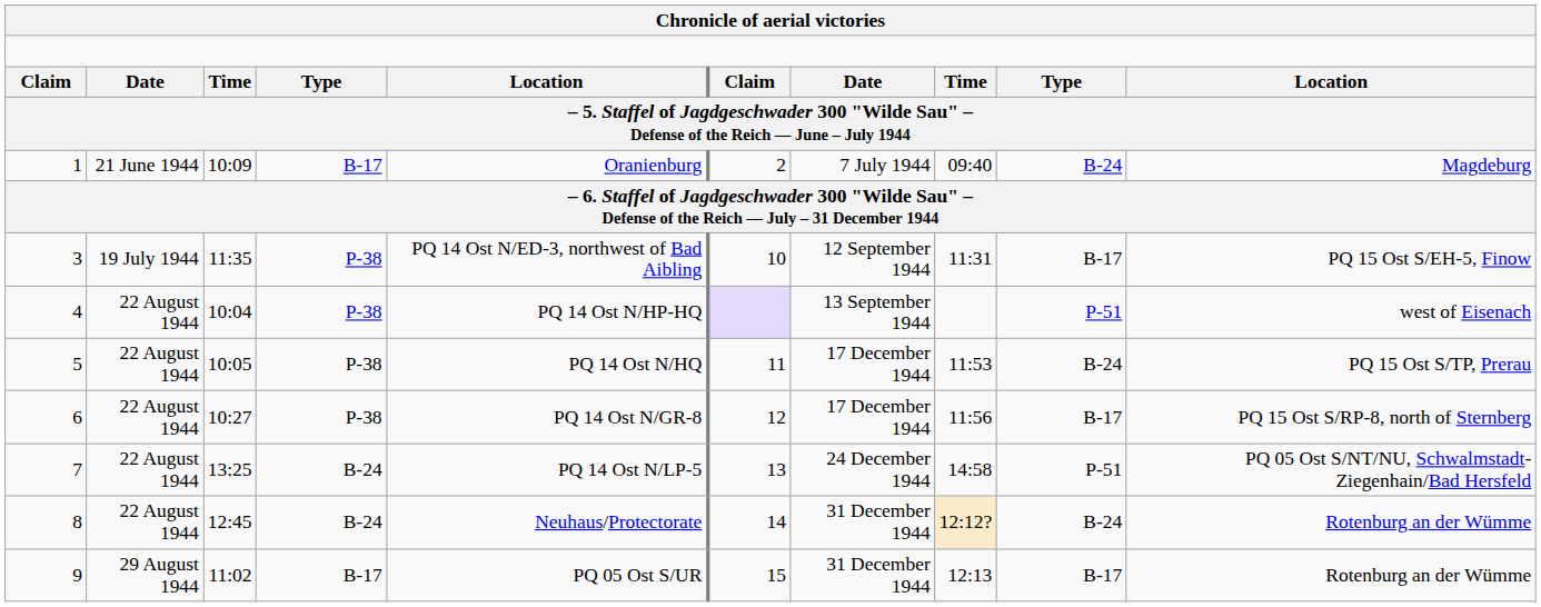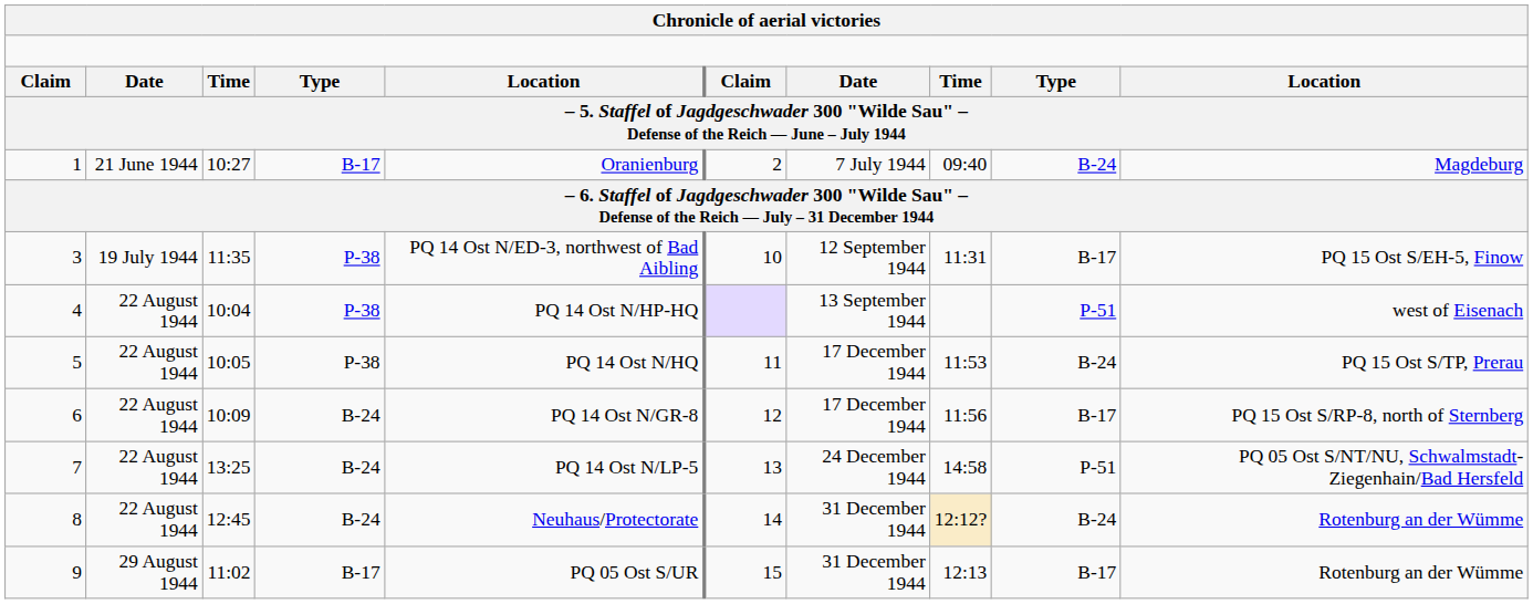 <table class="wikitable plainrowheaders collapsible" style="margin-left: auto; margin-right: auto; border: none; text-align:right; width: 100%;">
 <tr>
 <th colspan="10">Chronicle of aerial victories</th>
 </tr>
 <tr>
 <td colspan="10" style="text-align: left;"><br> </td>
 </tr>
 <tr>
 <th scope="col" width="60px">Claim</th>
 <th scope="col">Date</th>
 <th scope="col">Time</th>
 <th scope="col" width="100px">Type</th>
 <th scope="col">Location</th>
 <th scope="col" style="border-left: 3px solid grey;" width="60px">Claim</th>
 <th scope="col">Date</th>
 <th scope="col">Time</th>
 <th scope="col" width="100px">Type</th>
 <th scope="col">Location</th>
 </tr>
 <tr>
 <th colspan="10">– 5. <em>Staffel</em> of <em>Jagdgeschwader</em> 300 "Wilde Sau" –<br><small>Defense of the Reich — June – July 1944</small></th>
 </tr>
 <tr>
 <td>1</td>
 <td>21 June 1944</td>
-<td>10:09</td>
+<td>10:27</td>
 <td><a href='#'>B-17</a></td>
 <td><a href='#'>Oranienburg</a></td>
 <td style="border-left: 3px solid grey;">2</td>
 <td>7 July 1944</td>
 <td>09:40</td>
 <td><a href='#'>B-24</a></td>
 <td><a href='#'>Magdeburg</a></td>
 </tr>
 <tr>
 <th colspan="10">– 6. <em>Staffel</em> of <em>Jagdgeschwader</em> 300 "Wilde Sau" –<br><small>Defense of the Reich — July – 31 December 1944</small></th>
 </tr>
 <tr>
 <td>3</td>
 <td>19 July 1944</td>
 <td>11:35</td>
 <td><a href='#'>P-38</a></td>
 <td>PQ 14 Ost N/ED-3,  northwest of <a href='#'>Bad Aibling</a></td>
 <td style="border-left: 3px solid grey;">10</td>
 <td>12 September 1944</td>
 <td>11:31</td>
 <td>B-17</td>
 <td>PQ 15 Ost S/EH-5, <a href='#'>Finow</a></td>
 </tr>
 <tr>
 <td>4</td>
 <td>22 August 1944</td>
 <td>10:04</td>
 <td><a href='#'>P-38</a></td>
 <td>PQ 14 Ost N/HP-HQ</td>
 <td style="border-left: 3px solid grey; background:#e3d9ff;"></td>
 <td>13 September 1944</td>
 <td></td>
 <td><a href='#'>P-51</a></td>
 <td>west of <a href='#'>Eisenach</a></td>
 </tr>
 <tr>
 <td>5</td>
 <td>22 August 1944</td>
 <td>10:05</td>
 <td>P-38</td>
 <td>PQ 14 Ost N/HQ</td>
 <td style="border-left: 3px solid grey;">11</td>
 <td>17 December 1944</td>
 <td>11:53</td>
 <td>B-24</td>
 <td>PQ 15 Ost S/TP, <a href='#'>Prerau</a></td>
 </tr>
 <tr>
 <td>6</td>
 <td>22 August 1944</td>
-<td>10:27</td>
-<td>P-38</td>
+<td>10:09</td>
+<td>B-24</td>
 <td>PQ 14 Ost N/GR-8</td>
 <td style="border-left: 3px solid grey;">12</td>
 <td>17 December 1944</td>
 <td>11:56</td>
 <td>B-17</td>
 <td>PQ 15 Ost S/RP-8,  north of <a href='#'>Sternberg</a></td>
 </tr>
 <tr>
 <td>7</td>
 <td>22 August 1944</td>
 <td>13:25</td>
 <td>B-24</td>
 <td>PQ 14 Ost N/LP-5</td>
 <td style="border-left: 3px solid grey;">13</td>
 <td>24 December 1944</td>
 <td>14:58</td>
 <td>P-51</td>
 <td>PQ 05 Ost S/NT/NU,  <a href='#'>Schwalmstadt</a>-Ziegenhain/<a href='#'>Bad Hersfeld</a></td>
 </tr>
 <tr>
 <td>8</td>
 <td>22 August 1944</td>
 <td>12:45</td>
 <td>B-24</td>
 <td><a href='#'>Neuhaus</a>/<a href='#'>Protectorate</a></td>
 <td style="border-left: 3px solid grey;">14</td>
 <td>31 December 1944</td>
 <td style="background:#faecc8">12:12?</td>
 <td>B-24</td>
 <td><a href='#'>Rotenburg an der Wümme</a></td>
 </tr>
 <tr>
 <td>9</td>
 <td>29 August 1944</td>
 <td>11:02</td>
 <td>B-17</td>
 <td>PQ 05 Ost S/UR</td>
 <td style="border-left: 3px solid grey;">15</td>
 <td>31 December 1944</td>
 <td>12:13</td>
 <td>B-17</td>
 <td>Rotenburg an der Wümme</td>
 </tr>
 </table>
